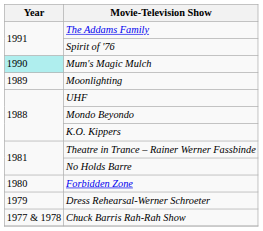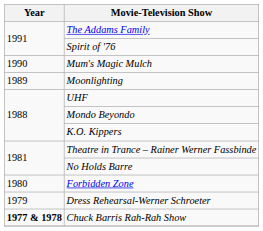 <table class="wikitable" style="font-size: 95%;">
 <tr>
 <th>Year</th>
 <th>Movie-Television Show</th>
 </tr>
 <tr>
 <td rowspan="2">1991</td>
 <td><em><a href='#'>The Addams Family</a></em></td>
 </tr>
 <tr>
 <td><em>Spirit of '76</em></td>
 </tr>
 <tr>
-<td style="background: paleturquoise;">1990</td>
+<td>1990</td>
 <td><em>Mum's Magic Mulch</em></td>
 </tr>
 <tr>
 <td>1989</td>
 <td><em>Moonlighting</em></td>
 </tr>
 <tr>
 <td rowspan="3">1988</td>
 <td><em>UHF</em></td>
 </tr>
 <tr>
 <td><em>Mondo Beyondo</em></td>
 </tr>
 <tr>
 <td><em>K.O. Kippers</em></td>
 </tr>
 <tr>
 <td rowspan="2">1981</td>
 <td><em>Theatre in Trance – Rainer Werner Fassbinde</em></td>
 </tr>
 <tr>
 <td><em>No Holds Barre</em></td>
 </tr>
 <tr>
 <td>1980</td>
 <td><em><a href='#'>Forbidden Zone</a></em></td>
 </tr>
 <tr>
 <td>1979</td>
 <td><em>Dress Rehearsal-Werner Schroeter</em></td>
 </tr>
 <tr>
-<td>1977 & 1978</td>
+<td><strong>1977 & 1978</strong></td>
 <td><em>Chuck Barris Rah-Rah Show</em></td>
 </tr>
 <tr>
 </tr>
 </table>
